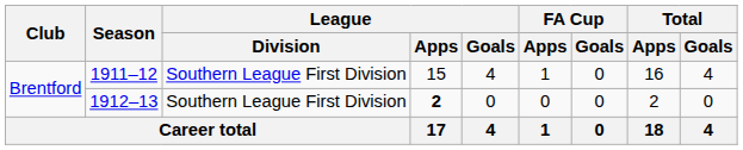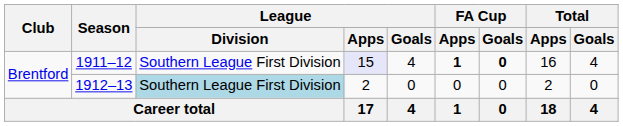 <table class="wikitable" style="text-align: center;">
 <tr>
 <th rowspan="2">Club</th>
 <th rowspan="2">Season</th>
 <th colspan="3">League</th>
 <th colspan="2">FA Cup</th>
 <th colspan="2">Total</th>
 </tr>
 <tr>
 <th>Division</th>
 <th>Apps</th>
 <th>Goals</th>
 <th>Apps</th>
 <th>Goals</th>
 <th>Apps</th>
 <th>Goals</th>
 </tr>
 <tr>
 <td rowspan="2"><a href='#'>Brentford</a></td>
 <td><a href='#'>1911–12</a></td>
 <td><a href='#'>Southern League</a> First Division</td>
-<td>15</td>
+<td style="background: lavender;">15</td>
 <td>4</td>
-<td>1</td>
-<td>0</td>
+<td><strong>1</strong></td>
+<td><strong>0</strong></td>
 <td>16</td>
 <td>4</td>
 </tr>
 <tr>
 <td><a href='#'>1912–13</a></td>
-<td>Southern League First Division</td>
-<td><strong>2</strong></td>
+<td style="background: lightblue;">Southern League First Division</td>
+<td>2</td>
 <td>0</td>
 <td>0</td>
 <td>0</td>
 <td>2</td>
 <td>0</td>
 </tr>
 <tr>
 <th colspan="3">Career total</th>
 <th>17</th>
 <th>4</th>
 <th>1</th>
 <th>0</th>
 <th>18</th>
 <th>4</th>
 </tr>
 </table>
